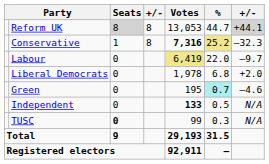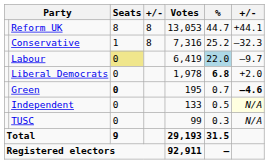 <table class="wikitable sortable">
 <tr>
 <th colspan="2">Party</th>
 <th>Seats</th>
 <th>+/-</th>
 <th>Votes</th>
 <th>%</th>
 <th>+/-</th>
 </tr>
 <tr>
 <td style="background-color: "></td>
 <td><a href='#'>Reform UK</a></td>
-<td style="background: lightgrey;">8</td>
+<td>8</td>
 <td> 8</td>
 <td style="text-align:right;">13,053</td>
 <td style="text-align:right;">44.7</td>
-<td style="background: lightgrey; text-align:right;">+44.1</td>
+<td style="text-align:right;">+44.1</td>
 </tr>
 <tr>
 <td style="background-color: "></td>
 <td><a href='#'>Conservative</a></td>
 <td>1</td>
 <td> 8</td>
-<td style="text-align:right;"><strong>7,316</strong></td>
-<td style="background: khaki; text-align:right;">25.2</td>
+<td style="text-align:right;">7,316</td>
+<td style="text-align:right;">25.2</td>
 <td style="text-align:right;">–32.3</td>
 </tr>
 <tr>
 <td style="background-color: "></td>
 <td><a href='#'>Labour</a></td>
-<td>0</td>
+<td style="background: khaki;">0</td>
 <td></td>
-<td style="background: khaki; text-align:right;">6,419</td>
-<td style="text-align:right;">22.0</td>
+<td style="text-align:right;">6,419</td>
+<td style="background: lightblue; text-align:right;">22.0</td>
 <td style="text-align:right;">–9.7</td>
 </tr>
 <tr>
 <td style="background-color: "></td>
 <td><a href='#'>Liberal Democrats</a></td>
 <td>0</td>
 <td></td>
 <td style="text-align:right;">1,978</td>
-<td style="text-align:right;">6.8</td>
+<td style="text-align:right;"><strong>6.8</strong></td>
 <td style="text-align:right;">+2.0</td>
 </tr>
 <tr>
 <td style="background-color: "></td>
 <td><a href='#'>Green</a></td>
-<td>0</td>
+<td><strong>0</strong></td>
 <td></td>
 <td style="text-align:right;">195</td>
-<td style="background: paleturquoise; text-align:right;">0.7</td>
-<td style="text-align:right;">–4.6</td>
+<td style="text-align:right;">0.7</td>
+<td style="text-align:right;"><strong>–4.6</strong></td>
 </tr>
 <tr>
 <td style="background-color: "></td>
 <td><a href='#'>Independent</a></td>
 <td>0</td>
 <td></td>
-<td style="text-align:right;"><strong>133</strong></td>
+<td style="text-align:right;">133</td>
 <td style="text-align:right;">0.5</td>
-<td style="text-align:right;"><em>N/A</em></td>
+<td style="background: lightyellow; text-align:right;"><em>N/A</em></td>
 </tr>
 <tr>
 <td style="background-color: "></td>
 <td><a href='#'>TUSC</a></td>
-<td><strong>0</strong></td>
+<td>0</td>
 <td></td>
 <td style="text-align:right;">99</td>
 <td style="text-align:right;">0.3</td>
 <td style="text-align:right;"><em>N/A</em></td>
 </tr>
 <tr>
 <td colspan="2"><strong>Total</strong></td>
 <td><strong>9</strong></td>
 <td></td>
 <td style="text-align:right;"><strong>29,193</strong></td>
 <td style="text-align:right;"><strong>31.5</strong></td>
 <td style="text-align:right;"></td>
 </tr>
 <tr>
 <td colspan="4"><strong>Registered electors</strong></td>
 <td style="text-align:right;"><strong>92,911</strong></td>
 <td style="text-align:right;"><strong>–</strong></td>
 <td style="text-align:right;"></td>
 </tr>
 </table>
